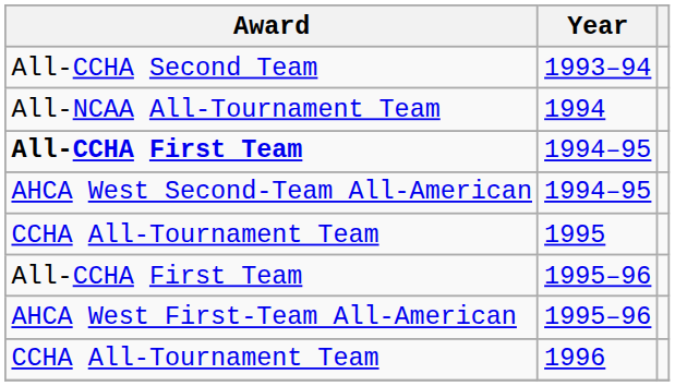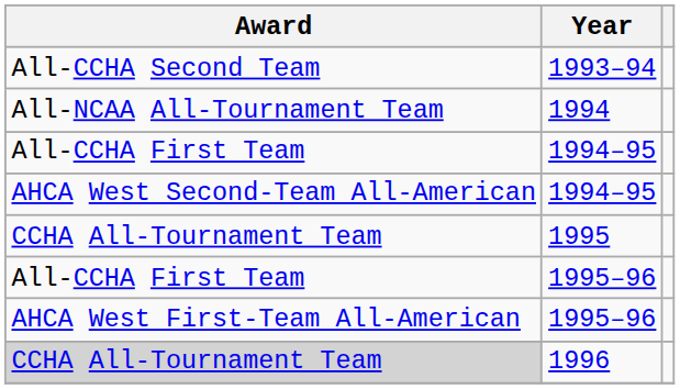 <table class="wikitable">
 <tr>
 <th>Award</th>
 <th>Year</th>
 <th></th>
 </tr>
 <tr>
 <td>All-<a href='#'>CCHA</a> <a href='#'>Second Team</a></td>
 <td><a href='#'>1993–94</a></td>
 <td></td>
 </tr>
 <tr>
 <td>All-<a href='#'>NCAA</a> <a href='#'>All-Tournament Team</a></td>
 <td><a href='#'>1994</a></td>
 <td></td>
 </tr>
 <tr>
-<td><strong>All-<a href='#'>CCHA</a> <a href='#'>First Team</a></strong></td>
+<td>All-<a href='#'>CCHA</a> <a href='#'>First Team</a></td>
 <td><a href='#'>1994–95</a></td>
 <td></td>
 </tr>
 <tr>
 <td><a href='#'>AHCA</a> <a href='#'>West Second-Team All-American</a></td>
 <td><a href='#'>1994–95</a></td>
 <td></td>
 </tr>
 <tr>
 <td><a href='#'>CCHA</a> <a href='#'>All-Tournament Team</a></td>
 <td><a href='#'>1995</a></td>
 <td></td>
 </tr>
 <tr>
 <td>All-<a href='#'>CCHA</a> <a href='#'>First Team</a></td>
 <td><a href='#'>1995–96</a></td>
 <td></td>
 </tr>
 <tr>
 <td><a href='#'>AHCA</a> <a href='#'>West First-Team All-American</a></td>
 <td><a href='#'>1995–96</a></td>
 <td></td>
 </tr>
 <tr>
-<td><a href='#'>CCHA</a> <a href='#'>All-Tournament Team</a></td>
+<td style="background: lightgrey;"><a href='#'>CCHA</a> <a href='#'>All-Tournament Team</a></td>
 <td><a href='#'>1996</a></td>
 <td></td>
 </tr>
 <tr>
 </tr>
 </table>
